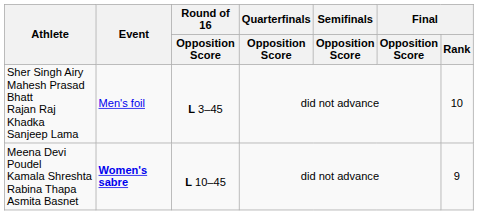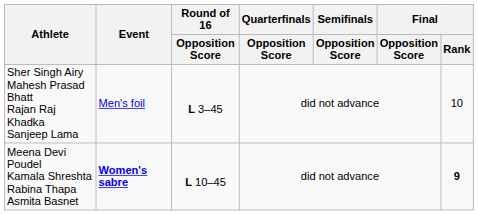 <table class=wikitable style=font-size:90%;text-align:center>
 <tr>
 <th rowspan="2">Athlete</th>
 <th rowspan="2">Event</th>
 <th>Round of 16</th>
 <th>Quarterfinals</th>
 <th>Semifinals</th>
 <th colspan="2">Final</th>
 </tr>
 <tr>
 <th>Opposition<br>Score</th>
 <th>Opposition<br>Score</th>
 <th>Opposition<br>Score</th>
 <th>Opposition<br>Score</th>
 <th>Rank</th>
 </tr>
 <tr>
 <td align=left>Sher Singh Airy<br>Mahesh Prasad Bhatt<br>Rajan Raj Khadka<br>Sanjeep Lama</td>
 <td align=left><a href='#'>Men's foil</a></td>
 <td><br><strong>L</strong> 3–45</td>
 <td colspan=3>did not advance</td>
 <td>10</td>
 </tr>
 <tr>
 <td align=left>Meena Devi Poudel<br>Kamala Shreshta<br>Rabina Thapa<br>Asmita Basnet</td>
 <td align=left><strong><a href='#'>Women's sabre</a></strong></td>
 <td><br><strong>L</strong> 10–45</td>
 <td colspan=3>did not advance</td>
-<td>9</td>
+<td><strong>9</strong></td>
 </tr>
 </table>
